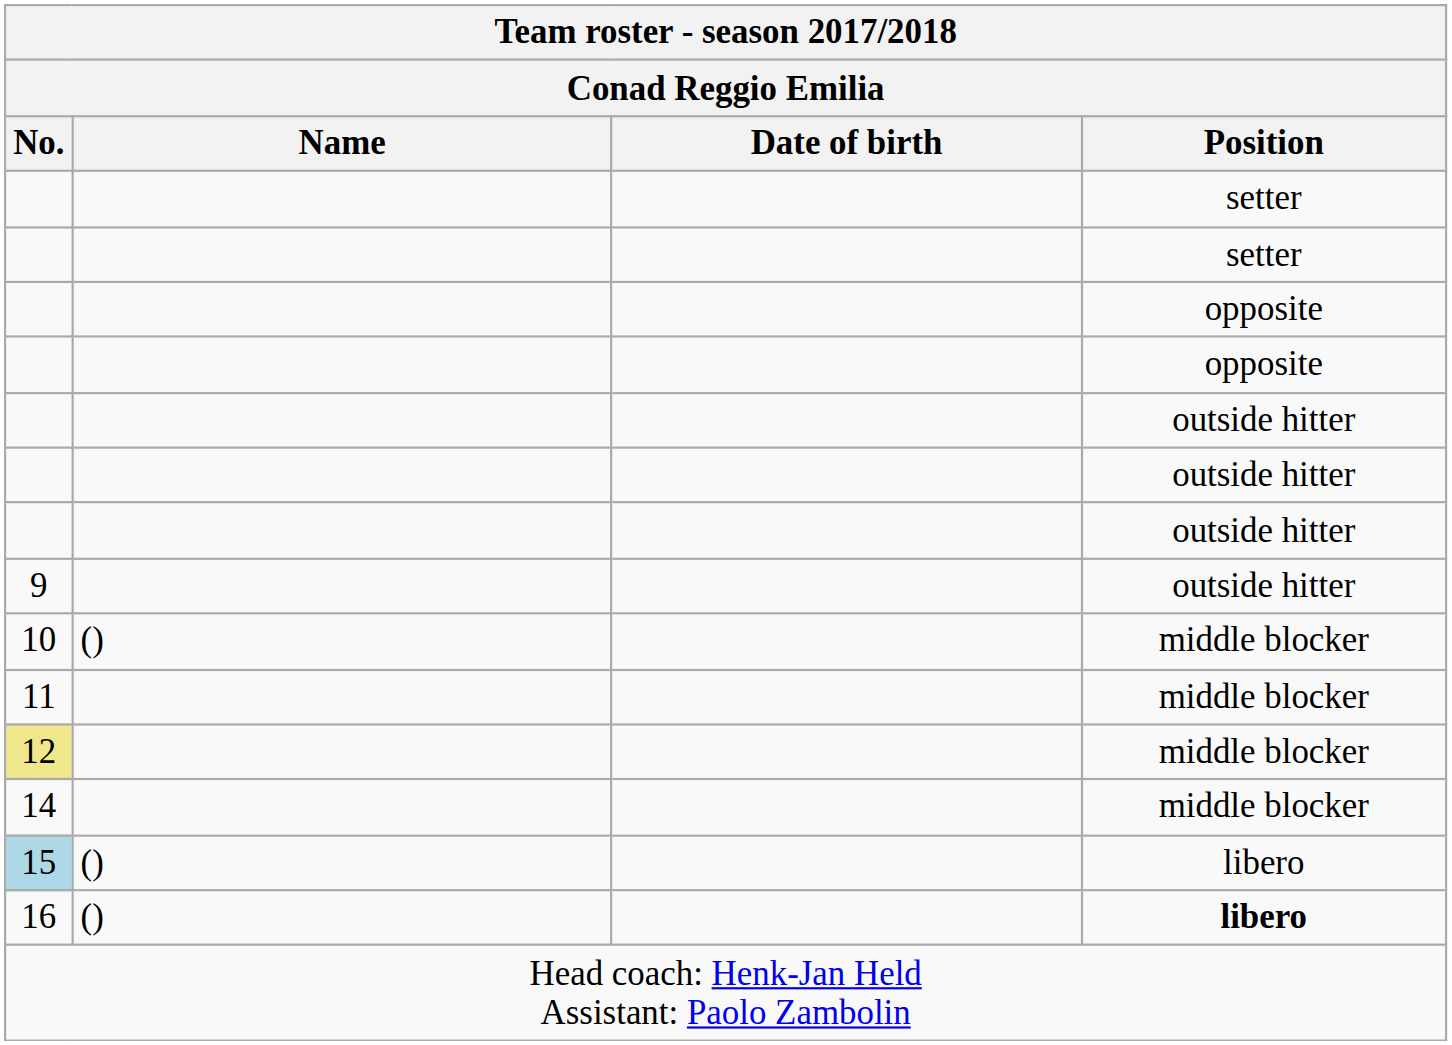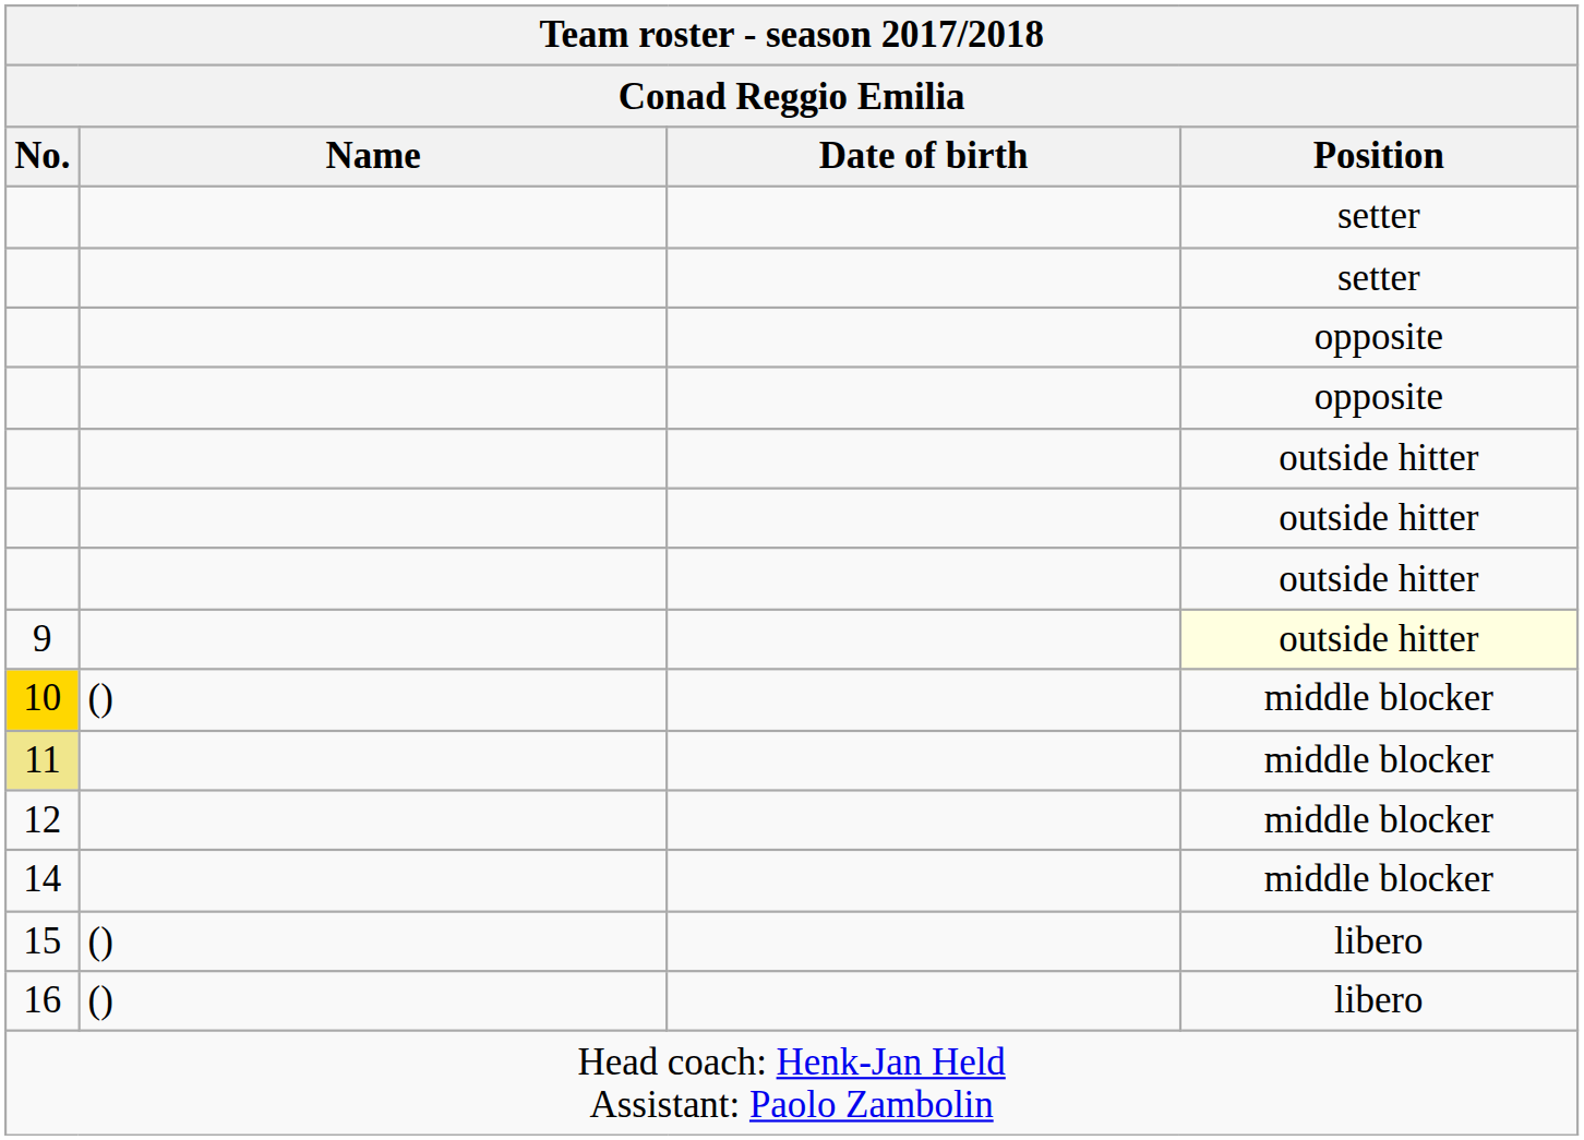 <table class="wikitable sortable" style="font-size:100%; text-align:center;">
 <tr>
 <th colspan=6>Team roster - season 2017/2018</th>
 </tr>
 <tr>
 <th colspan=6>Conad Reggio Emilia</th>
 </tr>
 <tr>
 <th>No.</th>
 <th style="width:15em">Name</th>
 <th style="width:13em">Date of birth</th>
 <th style="width:10em">Position</th>
 </tr>
 <tr>
 <td></td>
 <td align=left> </td>
 <td align=right></td>
 <td>setter</td>
 </tr>
 <tr>
 <td></td>
 <td align=left> </td>
 <td align=right></td>
 <td>setter</td>
 </tr>
 <tr>
 <td></td>
 <td align=left> </td>
 <td align=right></td>
 <td>opposite</td>
 </tr>
 <tr>
 <td></td>
 <td align=left> </td>
 <td align=right></td>
 <td>opposite</td>
 </tr>
 <tr>
 <td></td>
 <td align=left> </td>
 <td align=right></td>
 <td>outside hitter</td>
 </tr>
 <tr>
 <td></td>
 <td align=left> </td>
 <td align=right></td>
 <td>outside hitter</td>
 </tr>
 <tr>
 <td></td>
 <td align=left> </td>
 <td align=right></td>
 <td>outside hitter</td>
 </tr>
 <tr>
 <td>9</td>
 <td align=left> </td>
 <td align=right></td>
-<td>outside hitter</td>
+<td style="background: lightyellow;">outside hitter</td>
 </tr>
 <tr>
-<td>10</td>
+<td style="background: gold;">10</td>
 <td align=left> ()</td>
 <td align=right></td>
 <td>middle blocker</td>
 </tr>
 <tr>
-<td>11</td>
+<td style="background: khaki;">11</td>
 <td align=left> </td>
 <td align=right></td>
 <td>middle blocker</td>
 </tr>
 <tr>
-<td style="background: khaki;">12</td>
+<td>12</td>
 <td align=left> </td>
 <td align=right></td>
 <td>middle blocker</td>
 </tr>
 <tr>
 <td>14</td>
 <td align=left> </td>
 <td align=right></td>
 <td>middle blocker</td>
 </tr>
 <tr>
-<td style="background: lightblue;">15</td>
+<td>15</td>
 <td align=left> ()</td>
 <td align=right></td>
 <td>libero</td>
 </tr>
 <tr>
 <td>16</td>
 <td align=left>  ()</td>
 <td align=right></td>
-<td><strong>libero</strong></td>
+<td>libero</td>
 </tr>
 <tr>
 <td colspan=4>Head coach:  <a href='#'>Henk-Jan Held</a><br>Assistant:  <a href='#'>Paolo Zambolin</a></td>
 </tr>
 </table>
